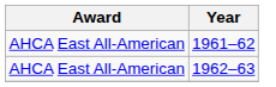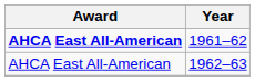 <table class="wikitable">
 <tr>
 <th>Award</th>
 <th>Year</th>
 </tr>
 <tr>
-<td><a href='#'>AHCA</a> <a href='#'>East All-American</a></td>
+<td><strong><a href='#'>AHCA</a> <a href='#'>East All-American</a></strong></td>
 <td><a href='#'>1961–62</a></td>
 </tr>
 <tr>
 <td><a href='#'>AHCA</a> <a href='#'>East All-American</a></td>
 <td><a href='#'>1962–63</a></td>
 </tr>
 <tr>
 </tr>
 </table>
